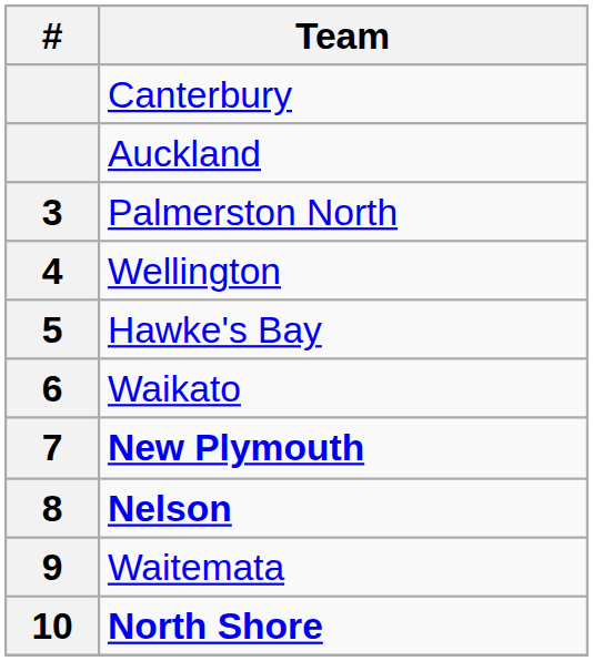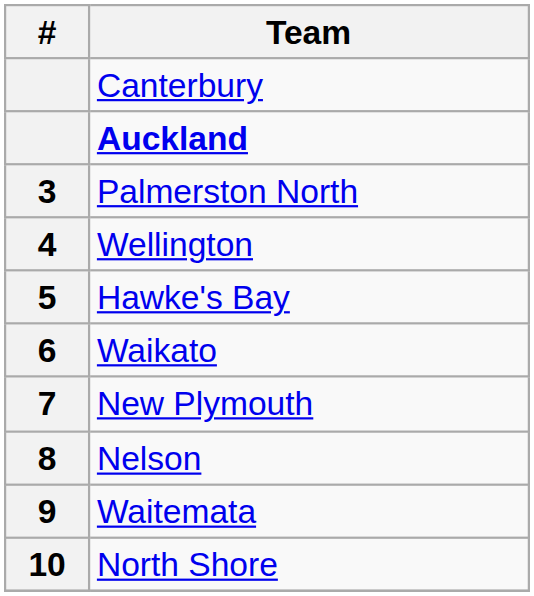 <table class="wikitable" width="15%" style="font-size:95%; text-align:center">
 <tr>
 <th>#</th>
 <th>Team</th>
 </tr>
 <tr>
 <th></th>
 <td align=left><a href='#'>Canterbury</a></td>
 </tr>
 <tr>
 <th></th>
-<td align=left><a href='#'>Auckland</a></td>
+<td align=left><strong><a href='#'>Auckland</a></strong></td>
 </tr>
 <tr>
 <th>3</th>
 <td align=left><a href='#'>Palmerston North</a></td>
 </tr>
 <tr>
 <th>4</th>
 <td align=left><a href='#'>Wellington</a></td>
 </tr>
 <tr>
 <th>5</th>
 <td align=left><a href='#'>Hawke's Bay</a></td>
 </tr>
 <tr>
 <th>6</th>
 <td align=left><a href='#'>Waikato</a></td>
 </tr>
 <tr>
 <th>7</th>
-<td align=left><strong><a href='#'>New Plymouth</a></strong></td>
+<td align=left><a href='#'>New Plymouth</a></td>
 </tr>
 <tr>
 <th>8</th>
-<td align=left><strong><a href='#'>Nelson</a></strong></td>
+<td align=left><a href='#'>Nelson</a></td>
 </tr>
 <tr>
 <th>9</th>
 <td align=left><a href='#'>Waitemata</a></td>
 </tr>
 <tr>
 <th>10</th>
-<td align=left><strong><a href='#'>North Shore</a></strong></td>
+<td align=left><a href='#'>North Shore</a></td>
 </tr>
 <tr>
 </tr>
 </table>
